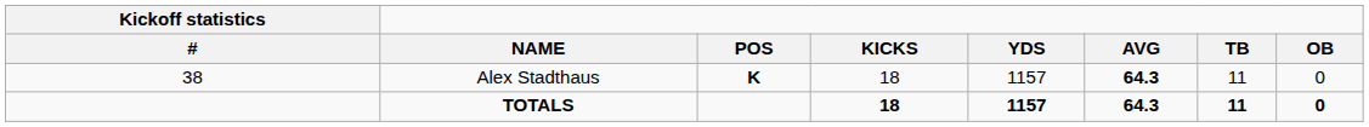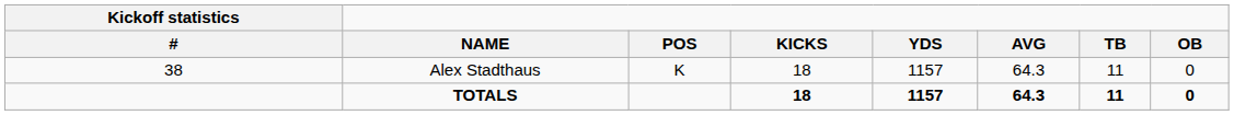 <table style="width:60%; text-align:center;" class="wikitable collapsible collapsed">
 <tr>
 <th style="text-align:center; ">Kickoff statistics</th>
 </tr>
 <tr>
 <th>#</th>
 <th>NAME</th>
 <th>POS</th>
 <th>KICKS</th>
 <th>YDS</th>
 <th>AVG</th>
 <th>TB</th>
 <th>OB</th>
 </tr>
 <tr>
 <td>38</td>
 <td>Alex Stadthaus</td>
-<td><strong>K</strong></td>
+<td>K</td>
 <td>18</td>
 <td>1157</td>
-<td><strong>64.3</strong></td>
+<td>64.3</td>
 <td>11</td>
 <td>0</td>
 </tr>
 <tr>
 <td></td>
 <td><strong>TOTALS</strong></td>
 <td></td>
 <td><strong>18</strong></td>
 <td><strong>1157</strong></td>
 <td><strong>64.3</strong></td>
 <td><strong>11</strong></td>
 <td><strong>0</strong></td>
 </tr>
 </table>
